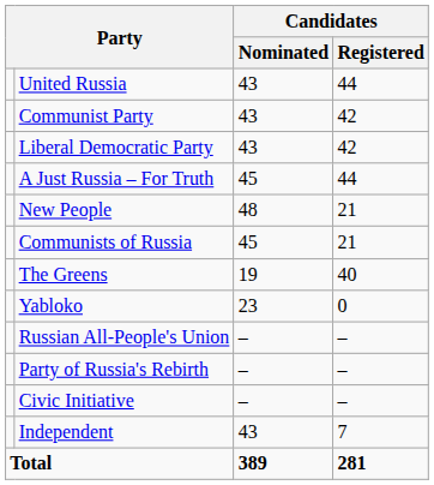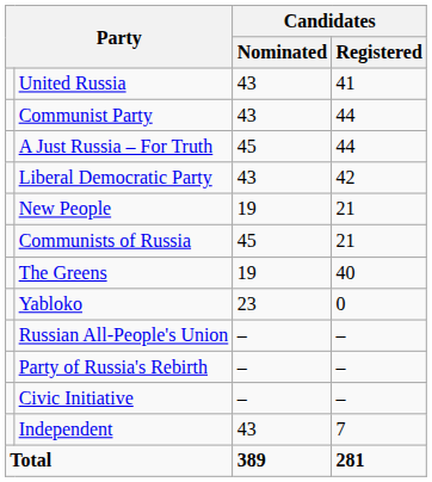 <table class="wikitable sortable" style="background: #f9f9f9; text-align:left; font-size: 95%">
 <tr>
 <th align=center rowspan=2 colspan=2>Party</th>
 <th align=center colspan=2>Candidates</th>
 </tr>
 <tr>
 <th align=center>Nominated</th>
 <th align=center>Registered</th>
 </tr>
 <tr>
 <td></td>
 <td><a href='#'>United Russia</a></td>
 <td>43</td>
-<td>44</td>
+<td>41</td>
 </tr>
 <tr>
 <td></td>
 <td><a href='#'>Communist Party</a></td>
 <td>43</td>
-<td>42</td>
+<td>44</td>
+</tr>
+<tr>
+<td></td>
+<td><a href='#'>A Just Russia – For Truth</a></td>
+<td>45</td>
+<td>44</td>
 </tr>
 <tr>
 <td></td>
 <td><a href='#'>Liberal Democratic Party</a></td>
 <td>43</td>
 <td>42</td>
 </tr>
 <tr>
 <td></td>
-<td><a href='#'>A Just Russia – For Truth</a></td>
-<td>45</td>
-<td>44</td>
-</tr>
-<tr>
-<td></td>
 <td><a href='#'>New People</a></td>
-<td>48</td>
+<td>19</td>
 <td>21</td>
 </tr>
 <tr>
 <td></td>
 <td><a href='#'>Communists of Russia</a></td>
 <td>45</td>
 <td>21</td>
 </tr>
 <tr>
 <td></td>
 <td><a href='#'>The Greens</a></td>
 <td>19</td>
 <td>40</td>
 </tr>
 <tr>
 <td></td>
 <td><a href='#'>Yabloko</a></td>
 <td>23</td>
 <td>0</td>
 </tr>
 <tr>
 <td></td>
 <td><a href='#'>Russian All-People's Union</a></td>
 <td>–</td>
 <td>–</td>
 </tr>
 <tr>
 <td></td>
 <td><a href='#'>Party of Russia's Rebirth</a></td>
 <td>–</td>
 <td>–</td>
 </tr>
 <tr>
 <td></td>
 <td><a href='#'>Civic Initiative</a></td>
 <td>–</td>
 <td>–</td>
 </tr>
 <tr>
 <td></td>
 <td><a href='#'>Independent</a></td>
 <td>43</td>
 <td>7</td>
 </tr>
 <tr>
 <td colspan=2><strong>Total</strong></td>
 <td><strong>389</strong></td>
 <td><strong>281</strong></td>
 </tr>
 </table>
